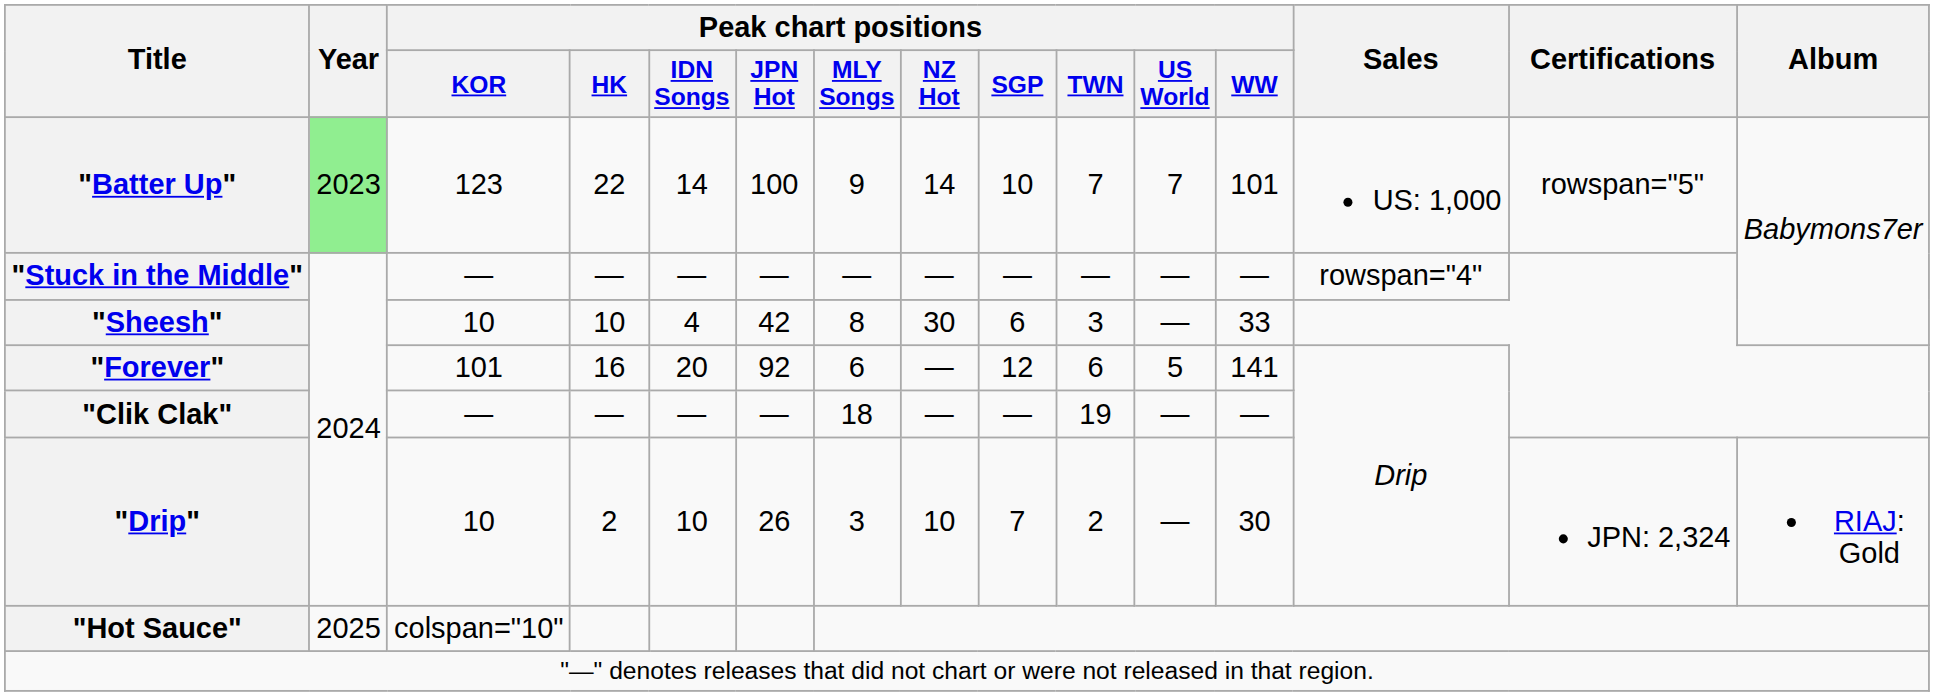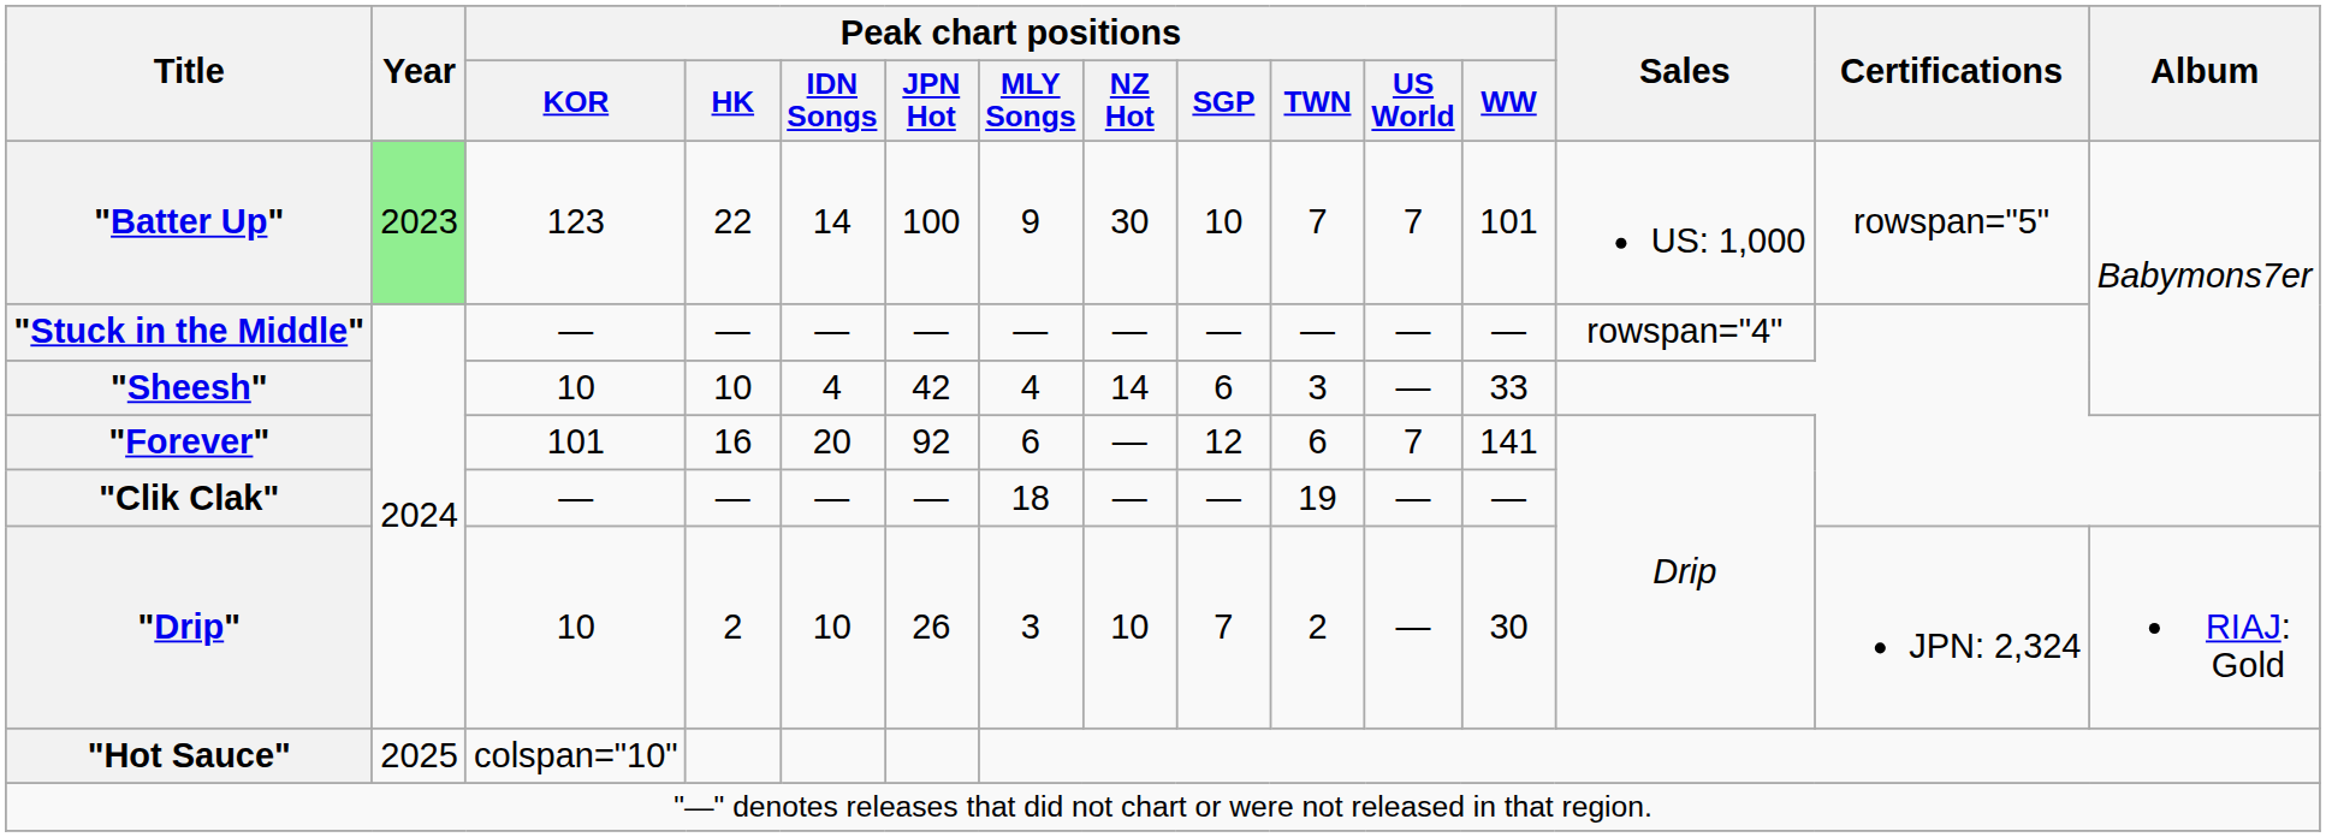 <table class="wikitable plainrowheaders" style="text-align:center">
 <tr>
 <th scope="col" rowspan="2">Title</th>
 <th scope="col" rowspan="2">Year</th>
 <th scope="col" colspan="10">Peak chart positions</th>
 <th scope="col" rowspan="2">Sales</th>
 <th scope="col" rowspan="2">Certifications</th>
 <th scope="col" rowspan="2" style="width:3.5em">Album</th>
 </tr>
 <tr>
 <th scope="col" style="width:2.7em;font-size:85%"><a href='#'>KOR</a><br></th>
 <th scope="col" style="width:2.7em;font-size:85%"><a href='#'>HK</a><br></th>
 <th scope="col" style="width:2.7em;font-size:85%"><a href='#'>IDN<br>Songs</a><br></th>
 <th scope="col" style="width:2.7em;font-size:85%"><a href='#'>JPN<br>Hot</a><br></th>
 <th scope="col" style="width:2.7em;font-size:85%"><a href='#'>MLY<br>Songs</a><br></th>
 <th scope="col" style="width:2.7em;font-size:85%"><a href='#'>NZ<br>Hot</a><br></th>
 <th scope="col" style="width:2.7em;font-size:85%"><a href='#'>SGP</a><br></th>
 <th scope="col" style="width:2.7em;font-size:85%"><a href='#'>TWN</a><br></th>
 <th scope="col" style="width:2.7em;font-size:85%"><a href='#'>US<br>World</a><br></th>
 <th scope="col" style="width:2.7em;font-size:85%"><a href='#'>WW</a><br></th>
 </tr>
 <tr>
 <th scope="row">"<a href='#'>Batter Up</a>"</th>
 <td style="background: lightgreen;">2023</td>
 <td>123</td>
 <td>22</td>
 <td>14</td>
 <td>100</td>
 <td>9</td>
-<td>14</td>
+<td>30</td>
 <td>10</td>
 <td>7</td>
 <td>7</td>
 <td>101</td>
 <td><br><ul><li>US: 1,000</li></ul></td>
 <td>rowspan="5" </td>
 <td rowspan="3"><em>Babymons7er</em></td>
 </tr>
 <tr>
 <th scope="row">"<a href='#'>Stuck in the Middle</a>"</th>
 <td rowspan="5">2024</td>
 <td>—</td>
 <td>—</td>
 <td>—</td>
 <td>—</td>
 <td>—</td>
 <td>—</td>
 <td>—</td>
 <td>—</td>
 <td>—</td>
 <td>—</td>
 <td>rowspan="4" </td>
 </tr>
 <tr>
 <th scope="row">"<a href='#'>Sheesh</a>"</th>
 <td>10</td>
 <td>10</td>
 <td>4</td>
 <td>42</td>
-<td>8</td>
-<td>30</td>
+<td>4</td>
+<td>14</td>
 <td>6</td>
 <td>3</td>
 <td>—</td>
 <td>33</td>
 </tr>
 <tr>
 <th scope="row">"<a href='#'>Forever</a>"</th>
 <td>101</td>
 <td>16</td>
 <td>20</td>
 <td>92</td>
 <td>6</td>
 <td>—</td>
 <td>12</td>
 <td>6</td>
-<td>5</td>
+<td>7</td>
 <td>141</td>
 <td rowspan="3"><em>Drip</em></td>
 </tr>
 <tr>
 <th scope="row">"Clik Clak"</th>
 <td>—</td>
 <td>—</td>
 <td>—</td>
 <td>—</td>
 <td>18</td>
 <td>—</td>
 <td>—</td>
 <td>19</td>
 <td>—</td>
 <td>—</td>
 </tr>
 <tr>
 <th scope="row">"<a href='#'>Drip</a>"</th>
 <td>10</td>
 <td>2</td>
 <td>10</td>
 <td>26</td>
 <td>3</td>
 <td>10</td>
 <td>7</td>
 <td>2</td>
 <td>—</td>
 <td>30</td>
 <td><br><ul><li>JPN: 2,324</li></ul></td>
 <td><br><ul><li><a href='#'>RIAJ</a>: Gold</li></ul></td>
 </tr>
 <tr>
 <th scope="row">"Hot Sauce"</th>
 <td>2025</td>
 <td>colspan="10" </td>
 <td></td>
 <td></td>
 <td></td>
 </tr>
 <tr>
 <td colspan="15" style="font-size:85%">"—" denotes releases that did not chart or were not released in that region.</td>
 </tr>
 </table>
